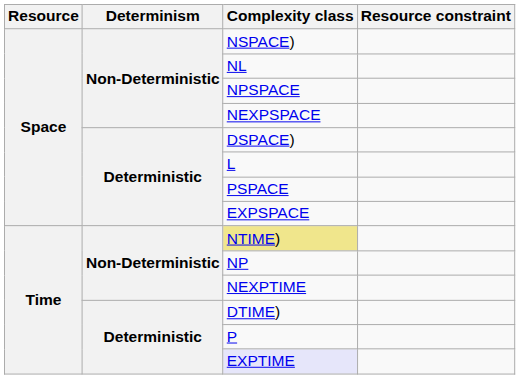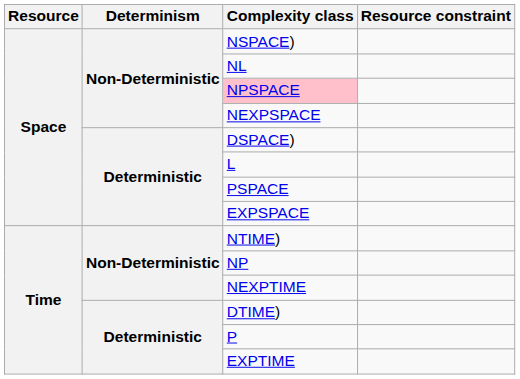 <table class="wikitable sortable">
 <tr>
 <th scope=col>Resource</th>
 <th scope=col><abbr>Determinism</abbr></th>
 <th scope=col>Complexity class</th>
 <th scope=col>Resource constraint</th>
 </tr>
 <tr>
 <th scope=rowgroup rowspan=8 style="text-align:center;">Space</th>
 <th scope=rowgroup rowspan=4 style="text-align:center;">Non-Deterministic</th>
 <td><a href='#'>NSPACE</a>)</td>
 <td data-sort-value=0></td>
 </tr>
 <tr>
 <td><a href='#'>NL</a></td>
 <td data-sort-value=1></td>
 </tr>
 <tr>
-<td><a href='#'>NPSPACE</a></td>
+<td style="background: pink;"><a href='#'>NPSPACE</a></td>
 <td data-sort-value=2></td>
 </tr>
 <tr>
 <td><a href='#'>NEXPSPACE</a></td>
 <td data-sort-value=4></td>
 </tr>
 <tr>
 <th scope=rowgroup rowspan=4 style="text-align:center;">Deterministic</th>
 <td><a href='#'>DSPACE</a>)</td>
 <td data-sort-value=0></td>
 </tr>
 <tr>
 <td><a href='#'>L</a></td>
 <td data-sort-value=1></td>
 </tr>
 <tr>
 <td><a href='#'>PSPACE</a></td>
 <td data-sort-value=2></td>
 </tr>
 <tr>
 <td><a href='#'>EXPSPACE</a></td>
 <td data-sort-value=4></td>
 </tr>
 <tr>
 <th scope=rowgroup rowspan=6 style="text-align:center;">Time</th>
 <th scope=rowgroup rowspan=3 style="text-align:center;">Non-Deterministic</th>
-<td style="background: khaki;"><a href='#'>NTIME</a>)</td>
+<td><a href='#'>NTIME</a>)</td>
 <td data-sort-value=0></td>
 </tr>
 <tr>
 <td><a href='#'>NP</a></td>
 <td data-sort-value=2></td>
 </tr>
 <tr>
 <td><a href='#'>NEXPTIME</a></td>
 <td data-sort-value=4></td>
 </tr>
 <tr>
 <th scope=rowgroup rowspan=3 style="text-align:center;">Deterministic</th>
 <td><a href='#'>DTIME</a>)</td>
 <td data-sort-value=0></td>
 </tr>
 <tr>
 <td><a href='#'>P</a></td>
 <td data-sort-value=2></td>
 </tr>
 <tr>
-<td style="background: lavender;"><a href='#'>EXPTIME</a></td>
+<td><a href='#'>EXPTIME</a></td>
 <td data-sort-value=4></td>
 </tr>
 </table>
